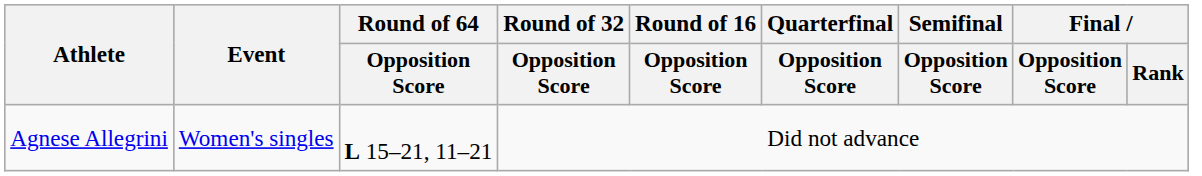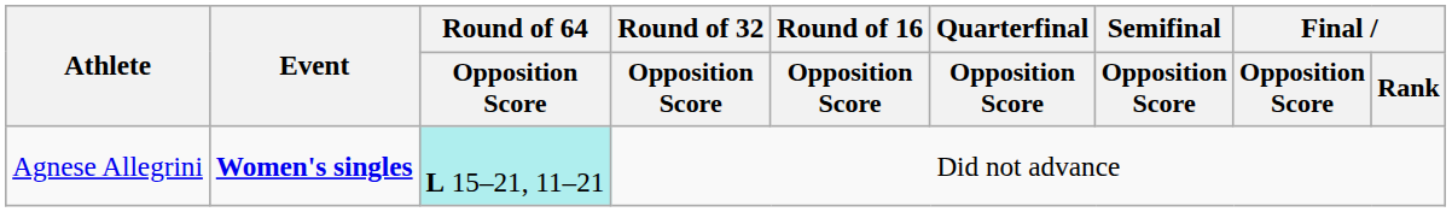 <table class=wikitable style="font-size:90%">
 <tr>
 <th rowspan="2">Athlete</th>
 <th rowspan="2">Event</th>
 <th>Round of 64</th>
 <th>Round of 32</th>
 <th>Round of 16</th>
 <th>Quarterfinal</th>
 <th>Semifinal</th>
 <th colspan=2>Final / </th>
 </tr>
 <tr style="font-size:95%">
 <th>Opposition<br>Score</th>
 <th>Opposition<br>Score</th>
 <th>Opposition<br>Score</th>
 <th>Opposition<br>Score</th>
 <th>Opposition<br>Score</th>
 <th>Opposition<br>Score</th>
 <th>Rank</th>
 </tr>
 <tr align=center>
 <td align=left><a href='#'>Agnese Allegrini</a></td>
-<td align=left><a href='#'>Women's singles</a></td>
-<td><br><strong>L</strong> 15–21, 11–21</td>
+<td align=left><strong><a href='#'>Women's singles</a></strong></td>
+<td style="background: paleturquoise;"><br><strong>L</strong> 15–21, 11–21</td>
 <td colspan=6>Did not advance</td>
 </tr>
 </table>
